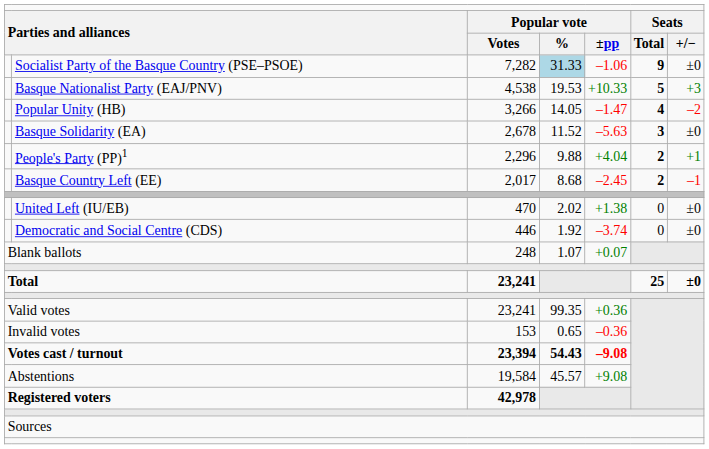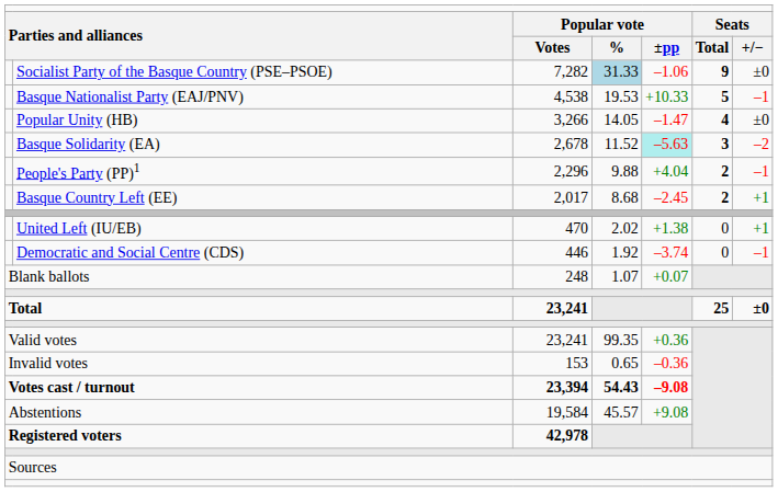 <table class="wikitable" style="text-align:right;">
 <tr>
 <td colspan="7"></td>
 </tr>
 <tr>
 <th style="text-align:left;" rowspan="2" colspan="2" width="525">Parties and alliances</th>
 <th colspan="3">Popular vote</th>
 <th colspan="2">Seats</th>
 </tr>
 <tr>
 <th width="75">Votes</th>
 <th width="45">%</th>
 <th width="45">±<a href='#'>pp</a></th>
 <th width="35">Total</th>
 <th width="35">+/−</th>
 </tr>
 <tr>
 <td width="1" style="color:inherit;background:"></td>
 <td align="left"><a href='#'>Socialist Party of the Basque Country</a> (PSE–PSOE)</td>
 <td>7,282</td>
 <td style="background: lightblue;">31.33</td>
 <td style="color:red;">–1.06</td>
 <td><strong>9</strong></td>
 <td>±0</td>
 </tr>
 <tr>
 <td style="color:inherit;background:"></td>
 <td align="left"><a href='#'>Basque Nationalist Party</a> (EAJ/PNV)</td>
 <td>4,538</td>
 <td>19.53</td>
 <td style="color:green;">+10.33</td>
 <td><strong>5</strong></td>
-<td style="color:green;">+3</td>
+<td style="color:red;">–1</td>
 </tr>
 <tr>
 <td style="color:inherit;background:"></td>
 <td align="left"><a href='#'>Popular Unity</a> (HB)</td>
 <td>3,266</td>
 <td>14.05</td>
 <td style="color:red;">–1.47</td>
 <td><strong>4</strong></td>
-<td style="color:red;">–2</td>
+<td>±0</td>
 </tr>
 <tr>
 <td style="color:inherit;background:"></td>
 <td align="left"><a href='#'>Basque Solidarity</a> (EA)</td>
 <td>2,678</td>
 <td>11.52</td>
-<td style="color:red;">–5.63</td>
+<td style="background: paleturquoise; color:red;">–5.63</td>
 <td><strong>3</strong></td>
-<td>±0</td>
+<td style="color:red;">–2</td>
 </tr>
 <tr>
 <td style="color:inherit;background:"></td>
 <td align="left"><a href='#'>People's Party</a> (PP)<sup>1</sup></td>
 <td>2,296</td>
 <td>9.88</td>
 <td style="color:green;">+4.04</td>
 <td><strong>2</strong></td>
-<td style="color:green;">+1</td>
+<td style="color:red;">–1</td>
 </tr>
 <tr>
 <td style="color:inherit;background:"></td>
 <td align="left"><a href='#'>Basque Country Left</a> (EE)</td>
 <td>2,017</td>
 <td>8.68</td>
 <td style="color:red;">–2.45</td>
 <td><strong>2</strong></td>
-<td style="color:red;">–1</td>
+<td style="color:green;">+1</td>
 </tr>
 <tr>
 <td colspan="7" bgcolor="#C0C0C0"></td>
 </tr>
 <tr>
 <td style="color:inherit;background:"></td>
 <td align="left"><a href='#'>United Left</a> (IU/EB)</td>
 <td>470</td>
 <td>2.02</td>
 <td style="color:green;">+1.38</td>
 <td>0</td>
-<td>±0</td>
+<td style="color:green;">+1</td>
 </tr>
 <tr>
 <td style="color:inherit;background:"></td>
 <td align="left"><a href='#'>Democratic and Social Centre</a> (CDS)</td>
 <td>446</td>
 <td>1.92</td>
 <td style="color:red;">–3.74</td>
 <td>0</td>
-<td>±0</td>
+<td style="color:red;">–1</td>
 </tr>
 <tr>
 <td align="left" colspan="2">Blank ballots</td>
 <td>248</td>
 <td>1.07</td>
 <td style="color:green;">+0.07</td>
 <td bgcolor="#E9E9E9" colspan="2"></td>
 </tr>
 <tr>
 <td colspan="7" bgcolor="#E9E9E9"></td>
 </tr>
 <tr style="font-weight:bold;">
 <td align="left" colspan="2">Total</td>
 <td>23,241</td>
 <td bgcolor="#E9E9E9" colspan="2"></td>
 <td>25</td>
 <td>±0</td>
 </tr>
 <tr>
 <td colspan="7" bgcolor="#E9E9E9"></td>
 </tr>
 <tr>
 <td align="left" colspan="2">Valid votes</td>
 <td>23,241</td>
 <td>99.35</td>
 <td style="color:green;">+0.36</td>
 <td bgcolor="#E9E9E9" colspan="2" rowspan="5"></td>
 </tr>
 <tr>
 <td align="left" colspan="2">Invalid votes</td>
 <td>153</td>
 <td>0.65</td>
 <td style="color:red;">–0.36</td>
 </tr>
 <tr style="font-weight:bold;">
 <td align="left" colspan="2">Votes cast / turnout</td>
 <td>23,394</td>
 <td>54.43</td>
 <td style="color:red;">–9.08</td>
 </tr>
 <tr>
 <td align="left" colspan="2">Abstentions</td>
 <td>19,584</td>
 <td>45.57</td>
 <td style="color:green;">+9.08</td>
 </tr>
 <tr style="font-weight:bold;">
 <td align="left" colspan="2">Registered voters</td>
 <td>42,978</td>
 <td bgcolor="#E9E9E9" colspan="2"></td>
 </tr>
 <tr>
 <td colspan="7" bgcolor="#E9E9E9"></td>
 </tr>
 <tr>
 <td align="left" colspan="7">Sources</td>
 </tr>
 <tr>
 <td colspan="7" style="text-align:left; max-width:790px;"></td>
 </tr>
 </table>
